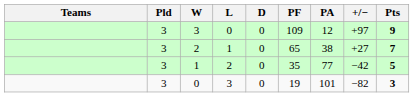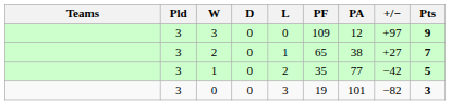 <table class="wikitable" style="text-align: center;">
 <tr>
 <th width="200">Teams</th>
 <th width="40">Pld</th>
 <th width="40">W</th>
+<th width="40">D</th>
 <th width="40">L</th>
-<th width="40">D</th>
 <th width="40">PF</th>
 <th width="40">PA</th>
 <th width="40">+/−</th>
 <th width="40">Pts</th>
 </tr>
 <tr style="background:#cfc; width:20px;">
 <td align=left></td>
 <td>3</td>
 <td>3</td>
 <td>0</td>
 <td>0</td>
 <td>109</td>
 <td>12</td>
 <td>+97</td>
 <td><strong>9</strong></td>
 </tr>
 <tr style="background:#cfc; width:20px;">
 <td align=left></td>
 <td>3</td>
 <td>2</td>
+<td>0</td>
 <td>1</td>
-<td>0</td>
 <td>65</td>
 <td>38</td>
 <td>+27</td>
 <td><strong>7</strong></td>
 </tr>
 <tr style="background:#cfc; width:20px;">
 <td align=left></td>
 <td>3</td>
 <td>1</td>
+<td>0</td>
 <td>2</td>
-<td>0</td>
 <td>35</td>
 <td>77</td>
 <td>−42</td>
 <td><strong>5</strong></td>
 </tr>
 <tr>
 <td align=left></td>
 <td>3</td>
 <td>0</td>
+<td>0</td>
 <td>3</td>
-<td>0</td>
 <td>19</td>
 <td>101</td>
 <td>−82</td>
 <td><strong>3</strong></td>
 </tr>
 </table>
